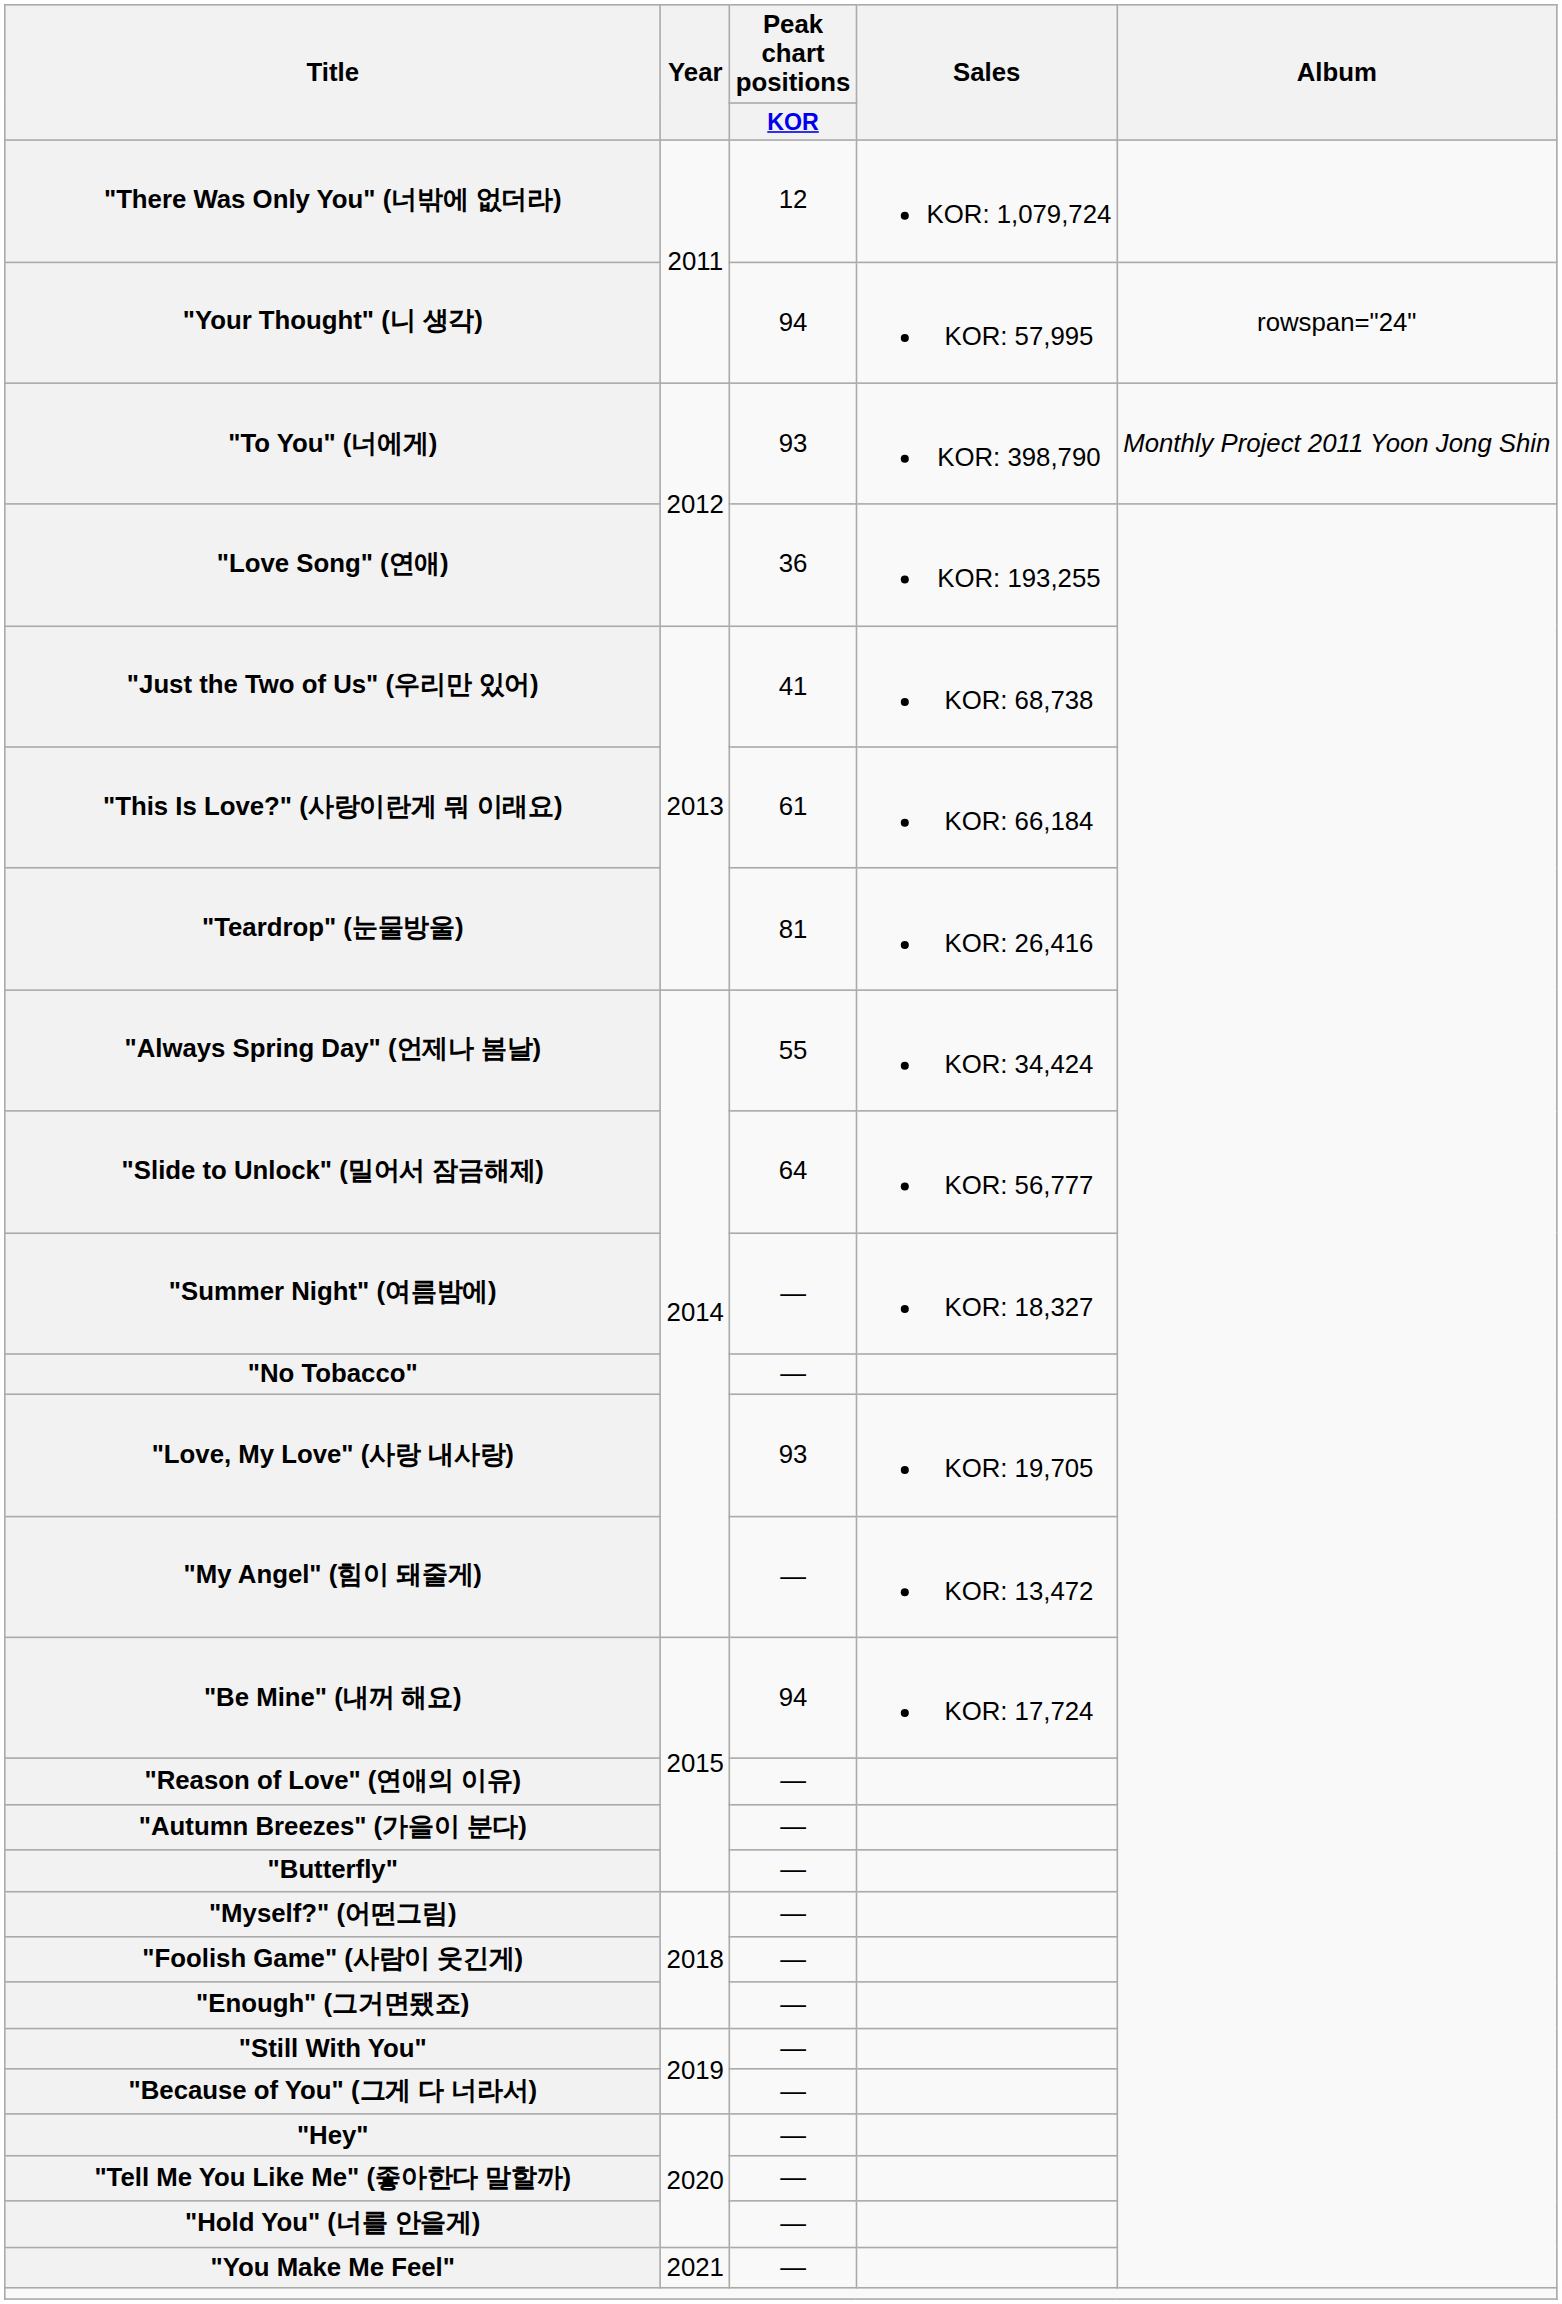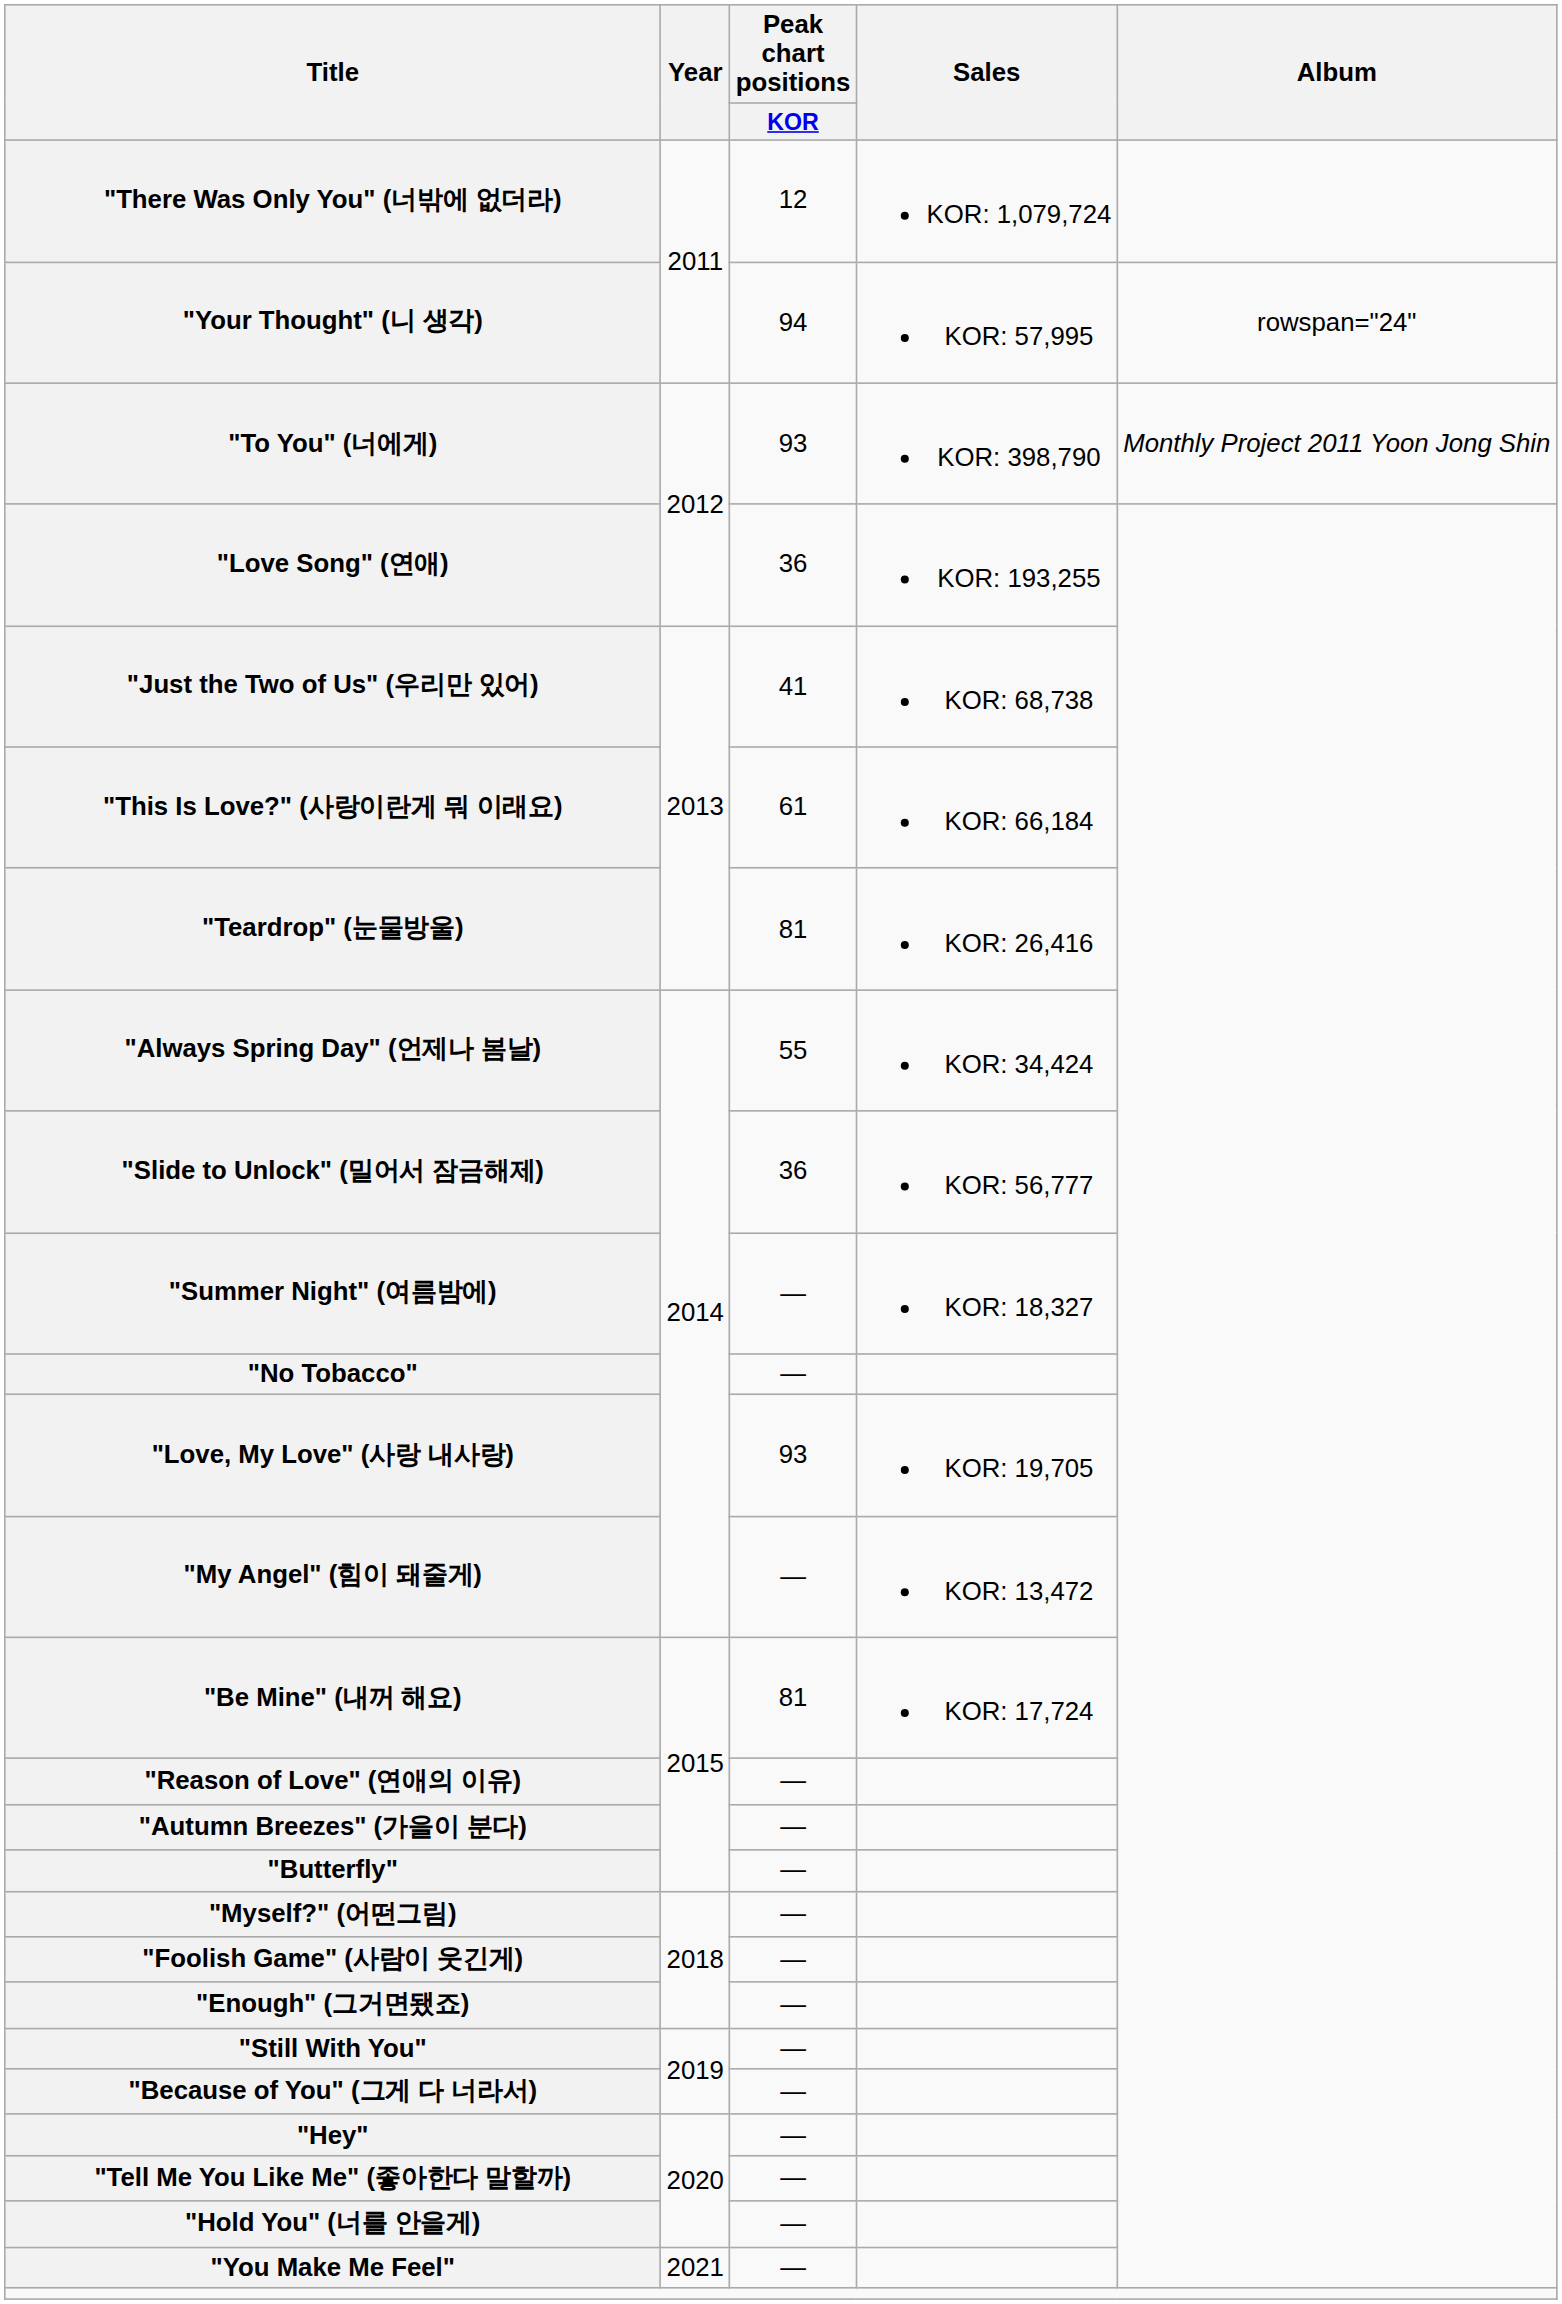 <table class="wikitable plainrowheaders" style="text-align:center;">
 <tr>
 <th scope="col" rowspan="2" style="width:25em;">Title</th>
 <th scope="col" rowspan="2">Year</th>
 <th scope="col">Peak chart positions</th>
 <th scope="col" rowspan="2">Sales</th>
 <th rowspan="2">Album</th>
 </tr>
 <tr>
 <th scope="col" style="width:2.2em;font-size:90%;"><a href='#'>KOR</a><br></th>
 </tr>
 <tr>
 <th scope="row">"There Was Only You" (너밖에 없더라)</th>
 <td rowspan="2">2011</td>
 <td>12</td>
 <td><br><ul><li>KOR: 1,079,724</li></ul></td>
 <td></td>
 </tr>
 <tr>
 <th scope="row">"Your Thought" (니 생각) </th>
 <td>94</td>
 <td><br><ul><li>KOR: 57,995</li></ul></td>
 <td>rowspan="24" </td>
 </tr>
 <tr>
 <th scope="row">"To You" (너에게)</th>
 <td rowspan="2">2012</td>
 <td>93</td>
 <td><br><ul><li>KOR: 398,790</li></ul></td>
 <td><em>Monthly Project 2011 Yoon Jong Shin</em></td>
 </tr>
 <tr>
 <th scope="row">"Love Song" (연애)</th>
 <td>36</td>
 <td><br><ul><li>KOR: 193,255</li></ul></td>
 </tr>
 <tr>
 <th scope="row">"Just the Two of Us" (우리만 있어) </th>
 <td rowspan="3">2013</td>
 <td>41</td>
 <td><br><ul><li>KOR: 68,738</li></ul></td>
 </tr>
 <tr>
 <th scope="row">"This Is Love?" (사랑이란게 뭐 이래요)</th>
 <td>61</td>
 <td><br><ul><li>KOR: 66,184</li></ul></td>
 </tr>
 <tr>
 <th scope="row">"Teardrop" (눈물방울)</th>
 <td>81</td>
 <td><br><ul><li>KOR: 26,416</li></ul></td>
 </tr>
 <tr>
 <th scope="row">"Always Spring Day" (언제나 봄날) </th>
 <td rowspan="6">2014</td>
 <td>55</td>
 <td><br><ul><li>KOR: 34,424</li></ul></td>
 </tr>
 <tr>
 <th scope="row">"Slide to Unlock" (밀어서 잠금해제)</th>
-<td>64</td>
+<td>36</td>
 <td><br><ul><li>KOR: 56,777</li></ul></td>
 </tr>
 <tr>
 <th scope="row">"Summer Night" (여름밤에)</th>
 <td>—</td>
 <td><br><ul><li>KOR: 18,327</li></ul></td>
 </tr>
 <tr>
 <th scope="row">"No Tobacco" </th>
 <td>—</td>
 <td></td>
 </tr>
 <tr>
 <th scope="row">"Love, My Love" (사랑 내사랑) </th>
 <td>93</td>
 <td><br><ul><li>KOR: 19,705</li></ul></td>
 </tr>
 <tr>
 <th scope="row">"My Angel" (힘이 돼줄게)</th>
 <td>—</td>
 <td><br><ul><li>KOR: 13,472</li></ul></td>
 </tr>
 <tr>
 <th scope="row">"Be Mine" (내꺼 해요)</th>
 <td rowspan="4">2015</td>
-<td>94</td>
+<td>81</td>
 <td><br><ul><li>KOR: 17,724</li></ul></td>
 </tr>
 <tr>
 <th scope="row">"Reason of Love" (연애의 이유)</th>
 <td>—</td>
 <td></td>
 </tr>
 <tr>
 <th scope="row">"Autumn Breezes" (가을이 분다)</th>
 <td>—</td>
 <td></td>
 </tr>
 <tr>
 <th scope="row">"Butterfly" </th>
 <td>—</td>
 <td></td>
 </tr>
 <tr>
 <th scope="row">"Myself?" (어떤그림)</th>
 <td rowspan="3">2018</td>
 <td>—</td>
 <td></td>
 </tr>
 <tr>
 <th scope="row">"Foolish Game" (사람이 웃긴게)</th>
 <td>—</td>
 <td></td>
 </tr>
 <tr>
 <th scope="row">"Enough" (그거면됐죠)</th>
 <td>—</td>
 <td></td>
 </tr>
 <tr>
 <th scope="row">"Still With You"</th>
 <td rowspan="2">2019</td>
 <td>—</td>
 <td></td>
 </tr>
 <tr>
 <th scope="row">"Because of You" (그게 다 너라서)</th>
 <td>—</td>
 <td></td>
 </tr>
 <tr>
 <th scope="row">"Hey"</th>
 <td rowspan="3">2020</td>
 <td>—</td>
 <td></td>
 </tr>
 <tr>
 <th scope="row">"Tell Me You Like Me" (좋아한다 말할까)</th>
 <td>—</td>
 <td></td>
 </tr>
 <tr>
 <th scope="row">"Hold You" (너를 안을게)</th>
 <td>—</td>
 <td></td>
 </tr>
 <tr>
 <th scope="row">"You Make Me Feel"</th>
 <td>2021</td>
 <td>—</td>
 <td></td>
 </tr>
 <tr>
 <td colspan="5"></td>
 </tr>
 </table>
